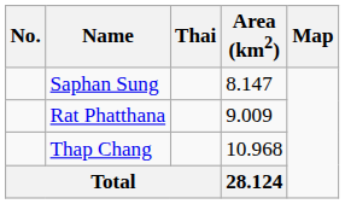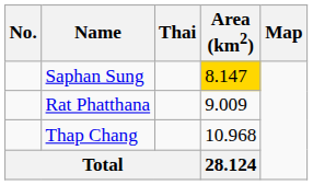 <table class="wikitable sortable">
 <tr>
 <th>No.</th>
 <th>Name</th>
 <th>Thai</th>
 <th>Area<br>(km<sup>2</sup>)</th>
 <th>Map</th>
 </tr>
 <tr>
 <td></td>
 <td><a href='#'>Saphan Sung</a></td>
 <td></td>
-<td><div>8.147</div></td>
+<td style="background: gold;"><div>8.147</div></td>
 <td rowspan=4></td>
 </tr>
 <tr>
 <td></td>
 <td><a href='#'>Rat Phatthana</a></td>
 <td></td>
 <td><div>9.009</div></td>
 </tr>
 <tr>
 <td></td>
 <td><a href='#'>Thap Chang</a></td>
 <td></td>
 <td><div>10.968</div></td>
 </tr>
 <tr>
 <th colspan=3>Total</th>
 <th><div>28.124</div></th>
 </tr>
 </table>
